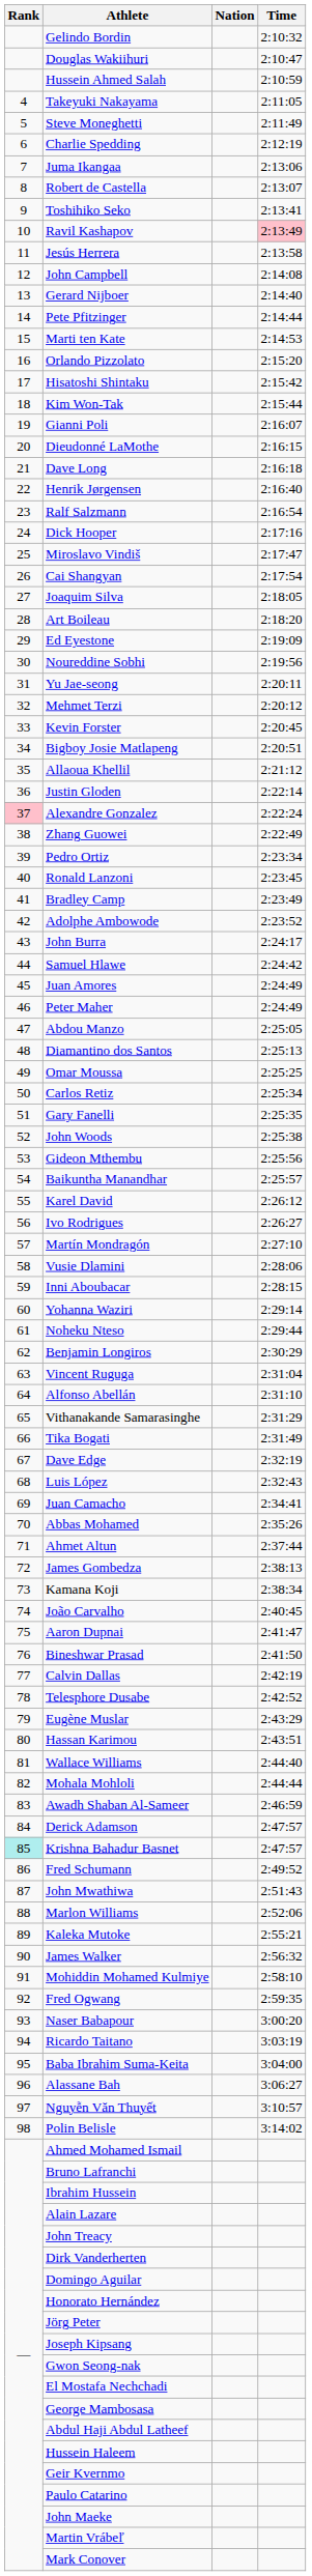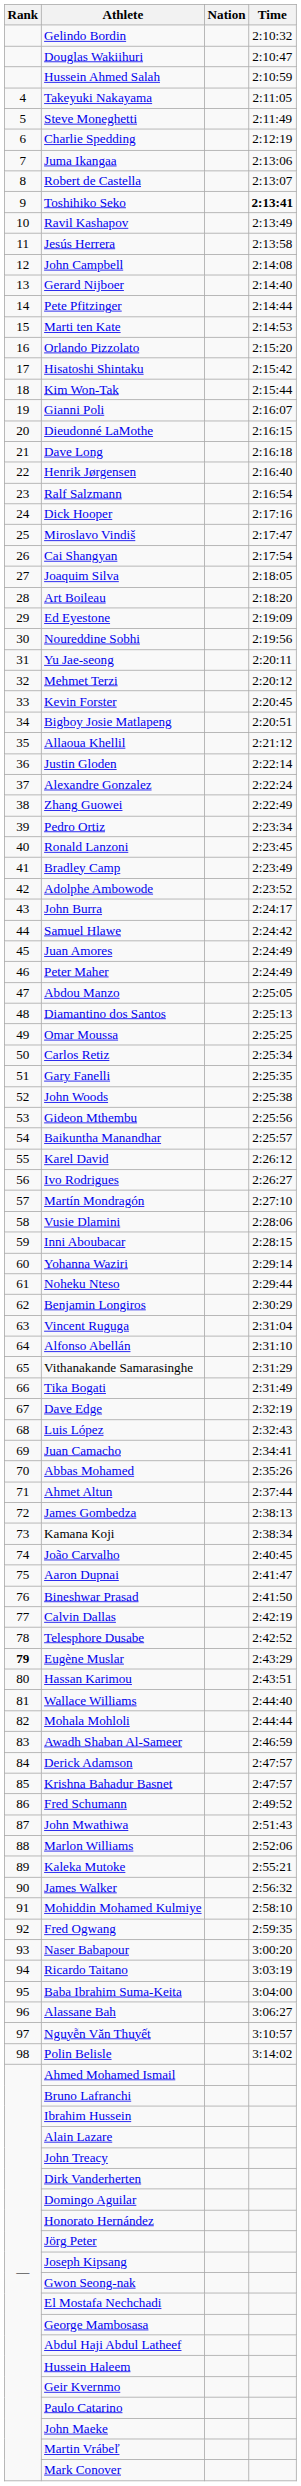 <table class="wikitable sortable" style="text-align:center">
 <tr>
 <th>Rank</th>
 <th>Athlete</th>
 <th>Nation</th>
 <th>Time</th>
 </tr>
 <tr>
 <td></td>
 <td align=left><a href='#'>Gelindo Bordin</a></td>
 <td align=left></td>
 <td>2:10:32</td>
 </tr>
 <tr>
 <td></td>
 <td align=left><a href='#'>Douglas Wakiihuri</a></td>
 <td align=left></td>
 <td>2:10:47</td>
 </tr>
 <tr>
 <td></td>
 <td align=left><a href='#'>Hussein Ahmed Salah</a></td>
 <td align=left></td>
 <td>2:10:59</td>
 </tr>
 <tr>
 <td>4</td>
 <td align=left><a href='#'>Takeyuki Nakayama</a></td>
 <td align=left></td>
 <td>2:11:05</td>
 </tr>
 <tr>
 <td>5</td>
 <td align=left><a href='#'>Steve Moneghetti</a></td>
 <td align=left></td>
 <td>2:11:49</td>
 </tr>
 <tr>
 <td>6</td>
 <td align=left><a href='#'>Charlie Spedding</a></td>
 <td align=left></td>
 <td>2:12:19</td>
 </tr>
 <tr>
 <td>7</td>
 <td align=left><a href='#'>Juma Ikangaa</a></td>
 <td align=left></td>
 <td>2:13:06</td>
 </tr>
 <tr>
 <td>8</td>
 <td align=left><a href='#'>Robert de Castella</a></td>
 <td align=left></td>
 <td>2:13:07</td>
 </tr>
 <tr>
 <td>9</td>
 <td align=left><a href='#'>Toshihiko Seko</a></td>
 <td align=left></td>
-<td>2:13:41</td>
+<td><strong>2:13:41</strong></td>
 </tr>
 <tr>
 <td>10</td>
 <td align=left><a href='#'>Ravil Kashapov</a></td>
 <td align=left></td>
-<td style="background: pink;">2:13:49</td>
+<td>2:13:49</td>
 </tr>
 <tr>
 <td>11</td>
 <td align=left><a href='#'>Jesús Herrera</a></td>
 <td align=left></td>
 <td>2:13:58</td>
 </tr>
 <tr>
 <td>12</td>
 <td align=left><a href='#'>John Campbell</a></td>
 <td align=left></td>
 <td>2:14:08</td>
 </tr>
 <tr>
 <td>13</td>
 <td align=left><a href='#'>Gerard Nijboer</a></td>
 <td align=left></td>
 <td>2:14:40</td>
 </tr>
 <tr>
 <td>14</td>
 <td align=left><a href='#'>Pete Pfitzinger</a></td>
 <td align=left></td>
 <td>2:14:44</td>
 </tr>
 <tr>
 <td>15</td>
 <td align=left><a href='#'>Marti ten Kate</a></td>
 <td align=left></td>
 <td>2:14:53</td>
 </tr>
 <tr>
 <td>16</td>
 <td align=left><a href='#'>Orlando Pizzolato</a></td>
 <td align=left></td>
 <td>2:15:20</td>
 </tr>
 <tr>
 <td>17</td>
 <td align=left><a href='#'>Hisatoshi Shintaku</a></td>
 <td align=left></td>
 <td>2:15:42</td>
 </tr>
 <tr>
 <td>18</td>
 <td align=left><a href='#'>Kim Won-Tak</a></td>
 <td align=left></td>
 <td>2:15:44</td>
 </tr>
 <tr>
 <td>19</td>
 <td align=left><a href='#'>Gianni Poli</a></td>
 <td align=left></td>
 <td>2:16:07</td>
 </tr>
 <tr>
 <td>20</td>
 <td align=left><a href='#'>Dieudonné LaMothe</a></td>
 <td align=left></td>
 <td>2:16:15</td>
 </tr>
 <tr>
 <td>21</td>
 <td align=left><a href='#'>Dave Long</a></td>
 <td align=left></td>
 <td>2:16:18</td>
 </tr>
 <tr>
 <td>22</td>
 <td align=left><a href='#'>Henrik Jørgensen</a></td>
 <td align=left></td>
 <td>2:16:40</td>
 </tr>
 <tr>
 <td>23</td>
 <td align=left><a href='#'>Ralf Salzmann</a></td>
 <td align=left></td>
 <td>2:16:54</td>
 </tr>
 <tr>
 <td>24</td>
 <td align=left><a href='#'>Dick Hooper</a></td>
 <td align=left></td>
 <td>2:17:16</td>
 </tr>
 <tr>
 <td>25</td>
 <td align=left><a href='#'>Miroslavo Vindiš</a></td>
 <td align=left></td>
 <td>2:17:47</td>
 </tr>
 <tr>
 <td>26</td>
 <td align=left><a href='#'>Cai Shangyan</a></td>
 <td align=left></td>
 <td>2:17:54</td>
 </tr>
 <tr>
 <td>27</td>
 <td align=left><a href='#'>Joaquim Silva</a></td>
 <td align=left></td>
 <td>2:18:05</td>
 </tr>
 <tr>
 <td>28</td>
 <td align=left><a href='#'>Art Boileau</a></td>
 <td align=left></td>
 <td>2:18:20</td>
 </tr>
 <tr>
 <td>29</td>
 <td align=left><a href='#'>Ed Eyestone</a></td>
 <td align=left></td>
 <td>2:19:09</td>
 </tr>
 <tr>
 <td>30</td>
 <td align=left><a href='#'>Noureddine Sobhi</a></td>
 <td align=left></td>
 <td>2:19:56</td>
 </tr>
 <tr>
 <td>31</td>
 <td align=left><a href='#'>Yu Jae-seong</a></td>
 <td align=left></td>
 <td>2:20:11</td>
 </tr>
 <tr>
 <td>32</td>
 <td align=left><a href='#'>Mehmet Terzi</a></td>
 <td align=left></td>
 <td>2:20:12</td>
 </tr>
 <tr>
 <td>33</td>
 <td align=left><a href='#'>Kevin Forster</a></td>
 <td align=left></td>
 <td>2:20:45</td>
 </tr>
 <tr>
 <td>34</td>
 <td align=left><a href='#'>Bigboy Josie Matlapeng</a></td>
 <td align=left></td>
 <td>2:20:51</td>
 </tr>
 <tr>
 <td>35</td>
 <td align=left><a href='#'>Allaoua Khellil</a></td>
 <td align=left></td>
 <td>2:21:12</td>
 </tr>
 <tr>
 <td>36</td>
 <td align=left><a href='#'>Justin Gloden</a></td>
 <td align=left></td>
 <td>2:22:14</td>
 </tr>
 <tr>
-<td style="background: pink;">37</td>
+<td>37</td>
 <td align=left><a href='#'>Alexandre Gonzalez</a></td>
 <td align=left></td>
 <td>2:22:24</td>
 </tr>
 <tr>
 <td>38</td>
 <td align=left><a href='#'>Zhang Guowei</a></td>
 <td align=left></td>
 <td>2:22:49</td>
 </tr>
 <tr>
 <td>39</td>
 <td align=left><a href='#'>Pedro Ortiz</a></td>
 <td align=left></td>
 <td>2:23:34</td>
 </tr>
 <tr>
 <td>40</td>
 <td align=left><a href='#'>Ronald Lanzoni</a></td>
 <td align=left></td>
 <td>2:23:45</td>
 </tr>
 <tr>
 <td>41</td>
 <td align=left><a href='#'>Bradley Camp</a></td>
 <td align=left></td>
 <td>2:23:49</td>
 </tr>
 <tr>
 <td>42</td>
 <td align=left><a href='#'>Adolphe Ambowode</a></td>
 <td align=left></td>
 <td>2:23:52</td>
 </tr>
 <tr>
 <td>43</td>
 <td align=left><a href='#'>John Burra</a></td>
 <td align=left></td>
 <td>2:24:17</td>
 </tr>
 <tr>
 <td>44</td>
 <td align=left><a href='#'>Samuel Hlawe</a></td>
 <td align=left></td>
 <td>2:24:42</td>
 </tr>
 <tr>
 <td>45</td>
 <td align=left><a href='#'>Juan Amores</a></td>
 <td align=left></td>
 <td>2:24:49</td>
 </tr>
 <tr>
 <td>46</td>
 <td align=left><a href='#'>Peter Maher</a></td>
 <td align=left></td>
 <td>2:24:49</td>
 </tr>
 <tr>
 <td>47</td>
 <td align=left><a href='#'>Abdou Manzo</a></td>
 <td align=left></td>
 <td>2:25:05</td>
 </tr>
 <tr>
 <td>48</td>
 <td align=left><a href='#'>Diamantino dos Santos</a></td>
 <td align=left></td>
 <td>2:25:13</td>
 </tr>
 <tr>
 <td>49</td>
 <td align=left><a href='#'>Omar Moussa</a></td>
 <td align=left></td>
 <td>2:25:25</td>
 </tr>
 <tr>
 <td>50</td>
 <td align=left><a href='#'>Carlos Retiz</a></td>
 <td align=left></td>
 <td>2:25:34</td>
 </tr>
 <tr>
 <td>51</td>
 <td align=left><a href='#'>Gary Fanelli</a></td>
 <td align=left></td>
 <td>2:25:35</td>
 </tr>
 <tr>
 <td>52</td>
 <td align=left><a href='#'>John Woods</a></td>
 <td align=left></td>
 <td>2:25:38</td>
 </tr>
 <tr>
 <td>53</td>
 <td align=left><a href='#'>Gideon Mthembu</a></td>
 <td align=left></td>
 <td>2:25:56</td>
 </tr>
 <tr>
 <td>54</td>
 <td align=left><a href='#'>Baikuntha Manandhar</a></td>
 <td align=left></td>
 <td>2:25:57</td>
 </tr>
 <tr>
 <td>55</td>
 <td align=left><a href='#'>Karel David</a></td>
 <td align=left></td>
 <td>2:26:12</td>
 </tr>
 <tr>
 <td>56</td>
 <td align=left><a href='#'>Ivo Rodrigues</a></td>
 <td align=left></td>
 <td>2:26:27</td>
 </tr>
 <tr>
 <td>57</td>
 <td align=left><a href='#'>Martín Mondragón</a></td>
 <td align=left></td>
 <td>2:27:10</td>
 </tr>
 <tr>
 <td>58</td>
 <td align=left><a href='#'>Vusie Dlamini</a></td>
 <td align=left></td>
 <td>2:28:06</td>
 </tr>
 <tr>
 <td>59</td>
 <td align=left><a href='#'>Inni Aboubacar</a></td>
 <td align=left></td>
 <td>2:28:15</td>
 </tr>
 <tr>
 <td>60</td>
 <td align=left><a href='#'>Yohanna Waziri</a></td>
 <td align=left></td>
 <td>2:29:14</td>
 </tr>
 <tr>
 <td>61</td>
 <td align=left><a href='#'>Noheku Nteso</a></td>
 <td align=left></td>
 <td>2:29:44</td>
 </tr>
 <tr>
 <td>62</td>
 <td align=left><a href='#'>Benjamin Longiros</a></td>
 <td align=left></td>
 <td>2:30:29</td>
 </tr>
 <tr>
 <td>63</td>
 <td align=left><a href='#'>Vincent Ruguga</a></td>
 <td align=left></td>
 <td>2:31:04</td>
 </tr>
 <tr>
 <td>64</td>
 <td align=left><a href='#'>Alfonso Abellán</a></td>
 <td align=left></td>
 <td>2:31:10</td>
 </tr>
 <tr>
 <td>65</td>
 <td align=left>Vithanakande Samarasinghe</td>
 <td align=left></td>
 <td>2:31:29</td>
 </tr>
 <tr>
 <td>66</td>
 <td align=left><a href='#'>Tika Bogati</a></td>
 <td align=left></td>
 <td>2:31:49</td>
 </tr>
 <tr>
 <td>67</td>
 <td align=left><a href='#'>Dave Edge</a></td>
 <td align=left></td>
 <td>2:32:19</td>
 </tr>
 <tr>
 <td>68</td>
 <td align=left><a href='#'>Luis López</a></td>
 <td align=left></td>
 <td>2:32:43</td>
 </tr>
 <tr>
 <td>69</td>
 <td align=left><a href='#'>Juan Camacho</a></td>
 <td align=left></td>
 <td>2:34:41</td>
 </tr>
 <tr>
 <td>70</td>
 <td align=left><a href='#'>Abbas Mohamed</a></td>
 <td align=left></td>
 <td>2:35:26</td>
 </tr>
 <tr>
 <td>71</td>
 <td align=left><a href='#'>Ahmet Altun</a></td>
 <td align=left></td>
 <td>2:37:44</td>
 </tr>
 <tr>
 <td>72</td>
 <td align=left><a href='#'>James Gombedza</a></td>
 <td align=left></td>
 <td>2:38:13</td>
 </tr>
 <tr>
 <td>73</td>
 <td align=left>Kamana Koji</td>
 <td align=left></td>
 <td>2:38:34</td>
 </tr>
 <tr>
 <td>74</td>
 <td align=left><a href='#'>João Carvalho</a></td>
 <td align=left></td>
 <td>2:40:45</td>
 </tr>
 <tr>
 <td>75</td>
 <td align=left><a href='#'>Aaron Dupnai</a></td>
 <td align=left></td>
 <td>2:41:47</td>
 </tr>
 <tr>
 <td>76</td>
 <td align=left><a href='#'>Bineshwar Prasad</a></td>
 <td align=left></td>
 <td>2:41:50</td>
 </tr>
 <tr>
 <td>77</td>
 <td align=left><a href='#'>Calvin Dallas</a></td>
 <td align=left></td>
 <td>2:42:19</td>
 </tr>
 <tr>
 <td>78</td>
 <td align=left><a href='#'>Telesphore Dusabe</a></td>
 <td align=left></td>
 <td>2:42:52</td>
 </tr>
 <tr>
-<td>79</td>
+<td><strong>79</strong></td>
 <td align=left><a href='#'>Eugène Muslar</a></td>
 <td align=left></td>
 <td>2:43:29</td>
 </tr>
 <tr>
 <td>80</td>
 <td align=left><a href='#'>Hassan Karimou</a></td>
 <td align=left></td>
 <td>2:43:51</td>
 </tr>
 <tr>
 <td>81</td>
 <td align=left><a href='#'>Wallace Williams</a></td>
 <td align=left></td>
 <td>2:44:40</td>
 </tr>
 <tr>
 <td>82</td>
 <td align=left><a href='#'>Mohala Mohloli</a></td>
 <td align=left></td>
 <td>2:44:44</td>
 </tr>
 <tr>
 <td>83</td>
 <td align=left><a href='#'>Awadh Shaban Al-Sameer</a></td>
 <td align=left></td>
 <td>2:46:59</td>
 </tr>
 <tr>
 <td>84</td>
 <td align=left><a href='#'>Derick Adamson</a></td>
 <td align=left></td>
 <td>2:47:57</td>
 </tr>
 <tr>
-<td style="background: paleturquoise;">85</td>
+<td>85</td>
 <td align=left><a href='#'>Krishna Bahadur Basnet</a></td>
 <td align=left></td>
 <td>2:47:57</td>
 </tr>
 <tr>
 <td>86</td>
 <td align=left><a href='#'>Fred Schumann</a></td>
 <td align=left></td>
 <td>2:49:52</td>
 </tr>
 <tr>
 <td>87</td>
 <td align=left><a href='#'>John Mwathiwa</a></td>
 <td align=left></td>
 <td>2:51:43</td>
 </tr>
 <tr>
 <td>88</td>
 <td align=left><a href='#'>Marlon Williams</a></td>
 <td align=left></td>
 <td>2:52:06</td>
 </tr>
 <tr>
 <td>89</td>
 <td align=left><a href='#'>Kaleka Mutoke</a></td>
 <td align=left></td>
 <td>2:55:21</td>
 </tr>
 <tr>
 <td>90</td>
 <td align=left><a href='#'>James Walker</a></td>
 <td align=left></td>
 <td>2:56:32</td>
 </tr>
 <tr>
 <td>91</td>
 <td align=left><a href='#'>Mohiddin Mohamed Kulmiye</a></td>
 <td align=left></td>
 <td>2:58:10</td>
 </tr>
 <tr>
 <td>92</td>
 <td align=left><a href='#'>Fred Ogwang</a></td>
 <td align=left></td>
 <td>2:59:35</td>
 </tr>
 <tr>
 <td>93</td>
 <td align=left><a href='#'>Naser Babapour</a></td>
 <td align=left></td>
 <td>3:00:20</td>
 </tr>
 <tr>
 <td>94</td>
 <td align=left><a href='#'>Ricardo Taitano</a></td>
 <td align=left></td>
 <td>3:03:19</td>
 </tr>
 <tr>
 <td>95</td>
 <td align=left><a href='#'>Baba Ibrahim Suma-Keita</a></td>
 <td align=left></td>
 <td>3:04:00</td>
 </tr>
 <tr>
 <td>96</td>
 <td align=left><a href='#'>Alassane Bah</a></td>
 <td align=left></td>
 <td>3:06:27</td>
 </tr>
 <tr>
 <td>97</td>
 <td align=left><a href='#'>Nguyễn Văn Thuyết</a></td>
 <td align=left></td>
 <td>3:10:57</td>
 </tr>
 <tr>
 <td>98</td>
 <td align=left><a href='#'>Polin Belisle</a></td>
 <td align=left></td>
 <td>3:14:02</td>
 </tr>
 <tr>
 <td rowspan=20 data-sort-value=99>—</td>
 <td align=left><a href='#'>Ahmed Mohamed Ismail</a></td>
 <td align=left></td>
 <td data-sort-value=4:00:00></td>
 </tr>
 <tr>
 <td align=left><a href='#'>Bruno Lafranchi</a></td>
 <td align=left></td>
 <td data-sort-value=4:00:00></td>
 </tr>
 <tr>
 <td align=left><a href='#'>Ibrahim Hussein</a></td>
 <td align=left></td>
 <td data-sort-value=4:00:00></td>
 </tr>
 <tr>
 <td align=left><a href='#'>Alain Lazare</a></td>
 <td align=left></td>
 <td data-sort-value=4:00:00></td>
 </tr>
 <tr>
 <td align=left><a href='#'>John Treacy</a></td>
 <td align=left></td>
 <td data-sort-value=4:00:00></td>
 </tr>
 <tr>
 <td align=left><a href='#'>Dirk Vanderherten</a></td>
 <td align=left></td>
 <td data-sort-value=4:00:00></td>
 </tr>
 <tr>
 <td align=left><a href='#'>Domingo Aguilar</a></td>
 <td align=left></td>
 <td data-sort-value=4:00:00></td>
 </tr>
 <tr>
 <td align=left><a href='#'>Honorato Hernández</a></td>
 <td align=left></td>
 <td data-sort-value=4:00:00></td>
 </tr>
 <tr>
 <td align=left><a href='#'>Jörg Peter</a></td>
 <td align=left></td>
 <td data-sort-value=4:00:00></td>
 </tr>
 <tr>
 <td align=left><a href='#'>Joseph Kipsang</a></td>
 <td align=left></td>
 <td data-sort-value=4:00:00></td>
 </tr>
 <tr>
 <td align=left><a href='#'>Gwon Seong-nak</a></td>
 <td align=left></td>
 <td data-sort-value=4:00:00></td>
 </tr>
 <tr>
 <td align=left><a href='#'>El Mostafa Nechchadi</a></td>
 <td align=left></td>
 <td data-sort-value=4:00:00></td>
 </tr>
 <tr>
 <td align=left><a href='#'>George Mambosasa</a></td>
 <td align=left></td>
 <td data-sort-value=4:00:00></td>
 </tr>
 <tr>
 <td align=left><a href='#'>Abdul Haji Abdul Latheef</a></td>
 <td align=left></td>
 <td data-sort-value=4:00:00></td>
 </tr>
 <tr>
 <td align=left><a href='#'>Hussein Haleem</a></td>
 <td align=left></td>
 <td data-sort-value=4:00:00></td>
 </tr>
 <tr>
 <td align=left><a href='#'>Geir Kvernmo</a></td>
 <td align=left></td>
 <td data-sort-value=4:00:00></td>
 </tr>
 <tr>
 <td align=left><a href='#'>Paulo Catarino</a></td>
 <td align=left></td>
 <td data-sort-value=4:00:00></td>
 </tr>
 <tr>
 <td align=left><a href='#'>John Maeke</a></td>
 <td align=left></td>
 <td data-sort-value=4:00:00></td>
 </tr>
 <tr>
 <td align=left><a href='#'>Martin Vrábeľ</a></td>
 <td align=left></td>
 <td data-sort-value=4:00:00></td>
 </tr>
 <tr>
 <td align=left><a href='#'>Mark Conover</a></td>
 <td align=left></td>
 <td data-sort-value=4:00:00></td>
 </tr>
 </table>
